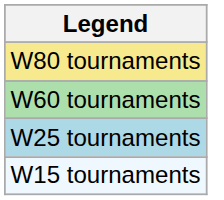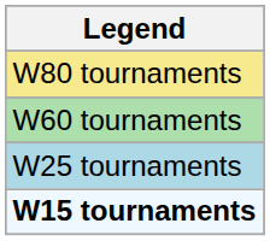 <table class="wikitable" style="font-size:85%">
 <tr>
 <th>Legend</th>
 </tr>
 <tr style="background:#f7e98e;">
 <td>W80 tournaments</td>
 </tr>
 <tr style="background:#addfad;">
 <td>W60 tournaments</td>
 </tr>
 <tr style="background:lightblue;">
 <td>W25 tournaments</td>
 </tr>
 <tr style="background:#f0f8ff;">
-<td>W15 tournaments</td>
+<td><strong>W15 tournaments</strong></td>
 </tr>
 </table>
